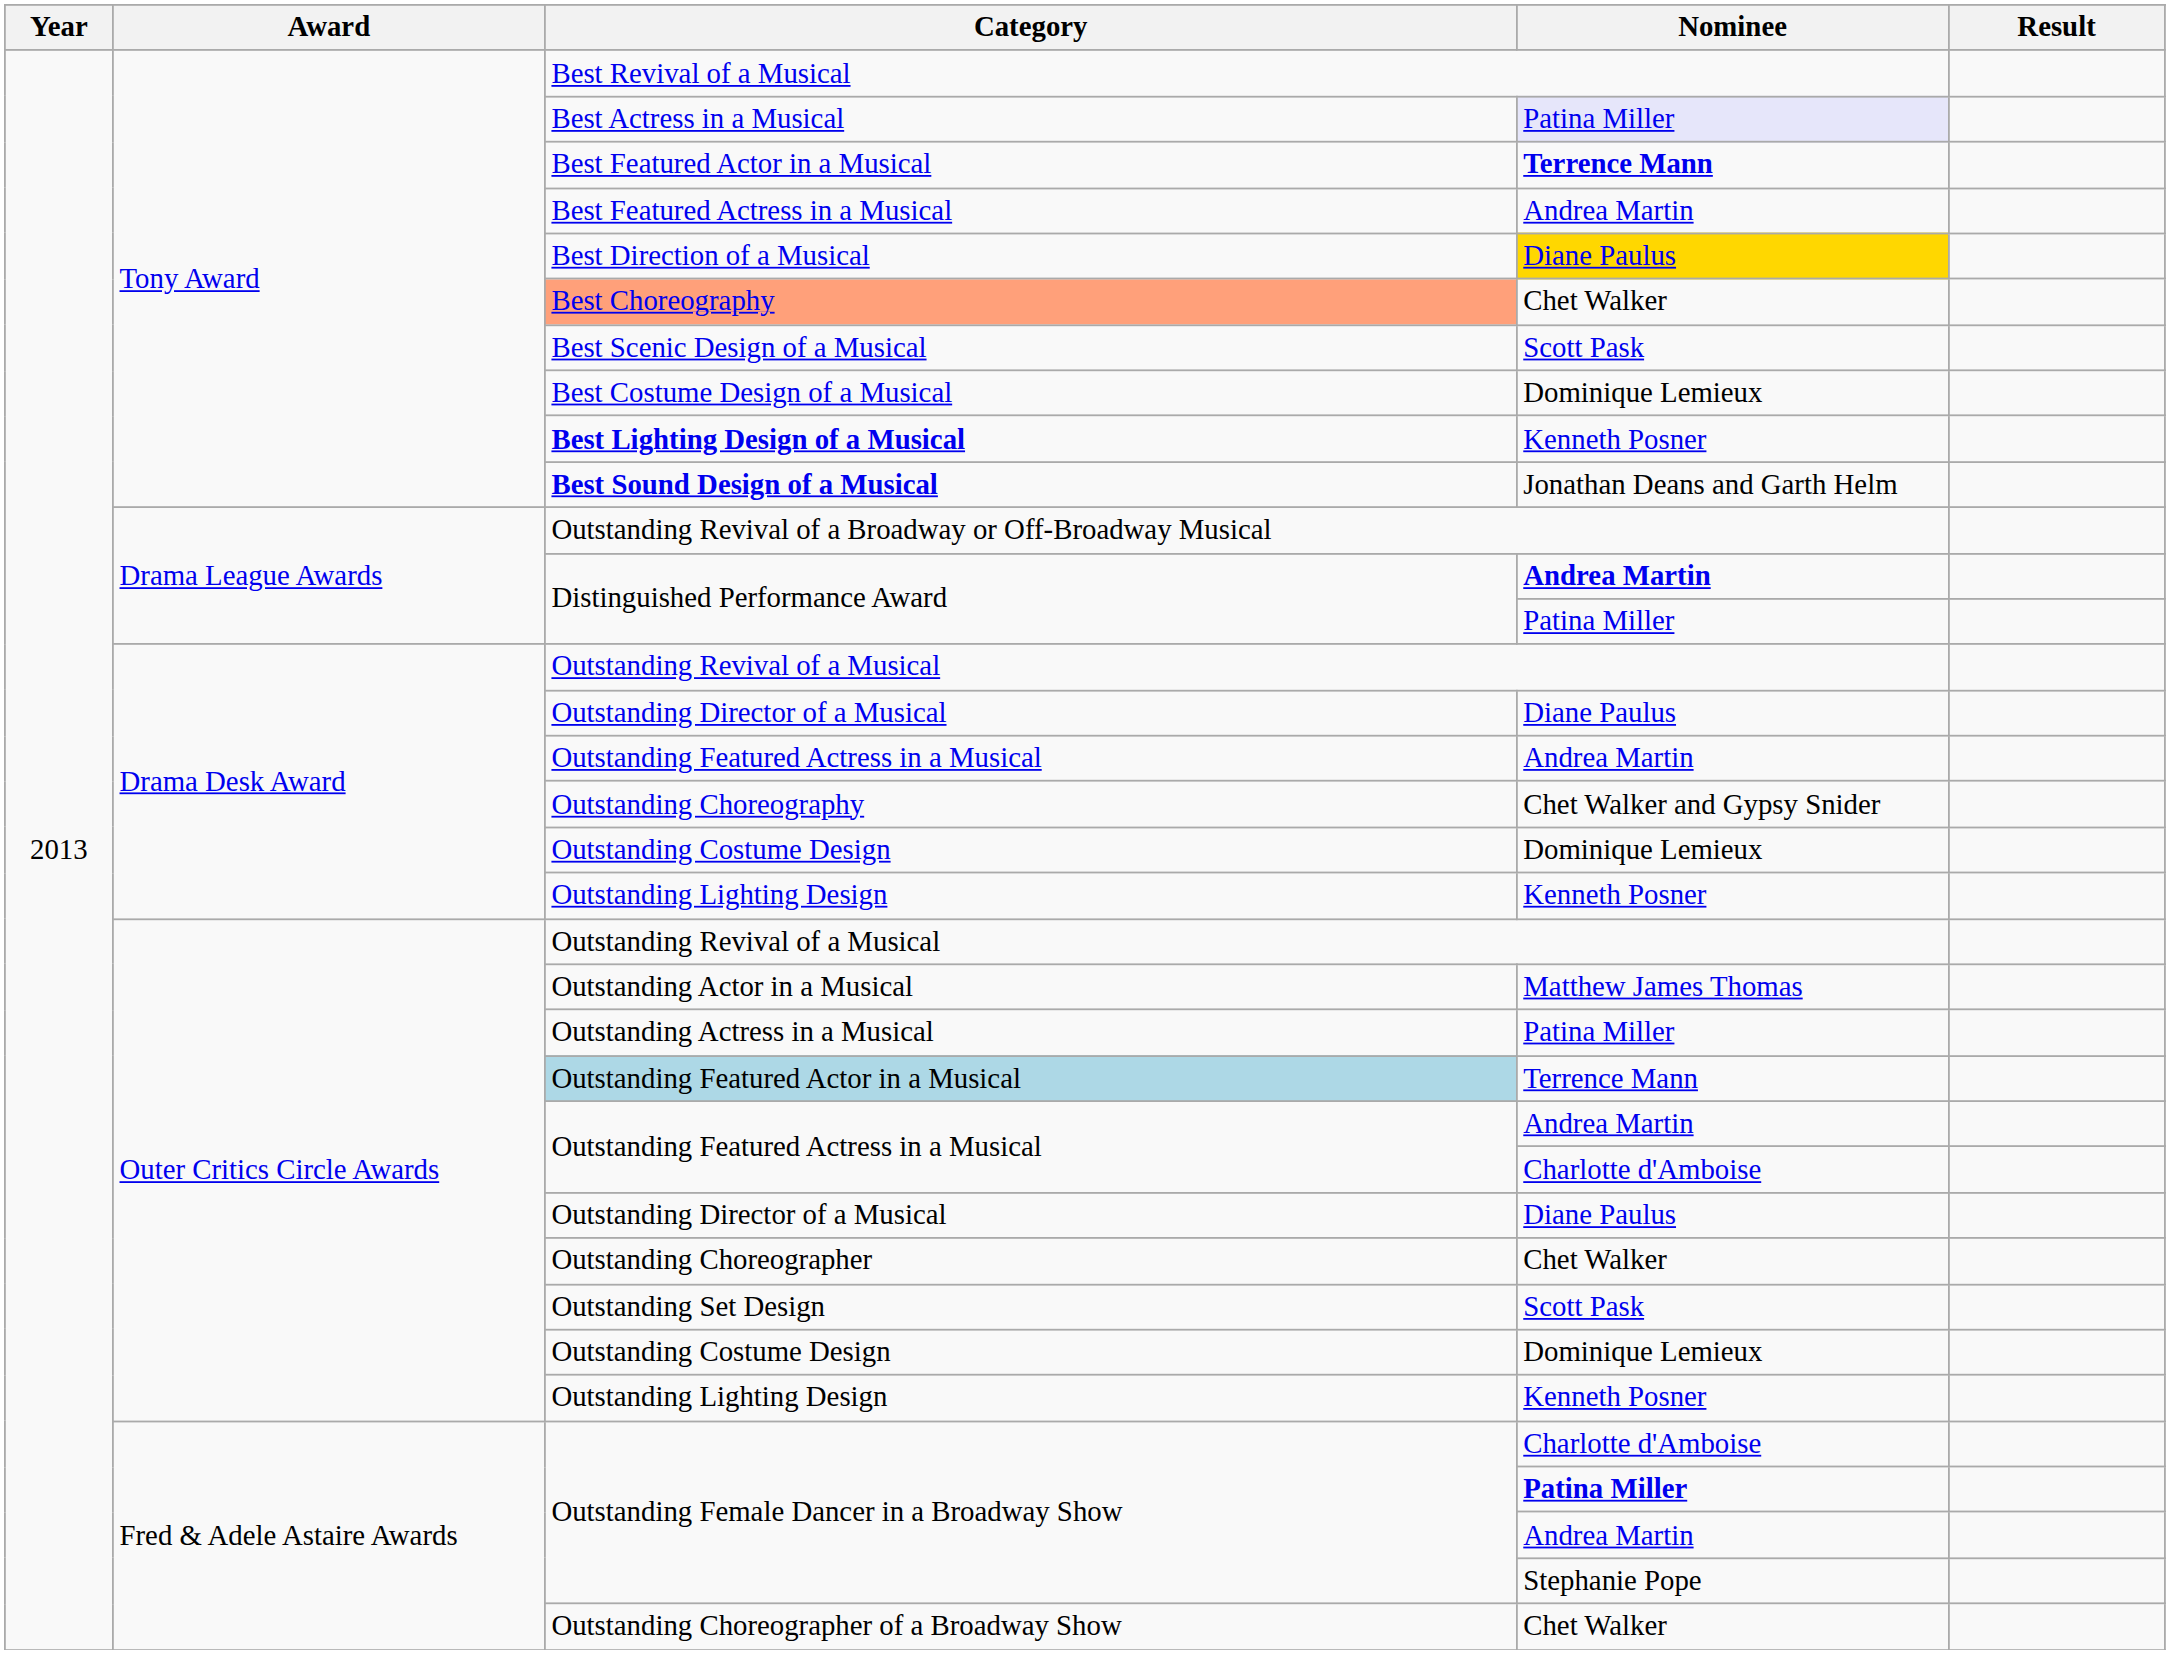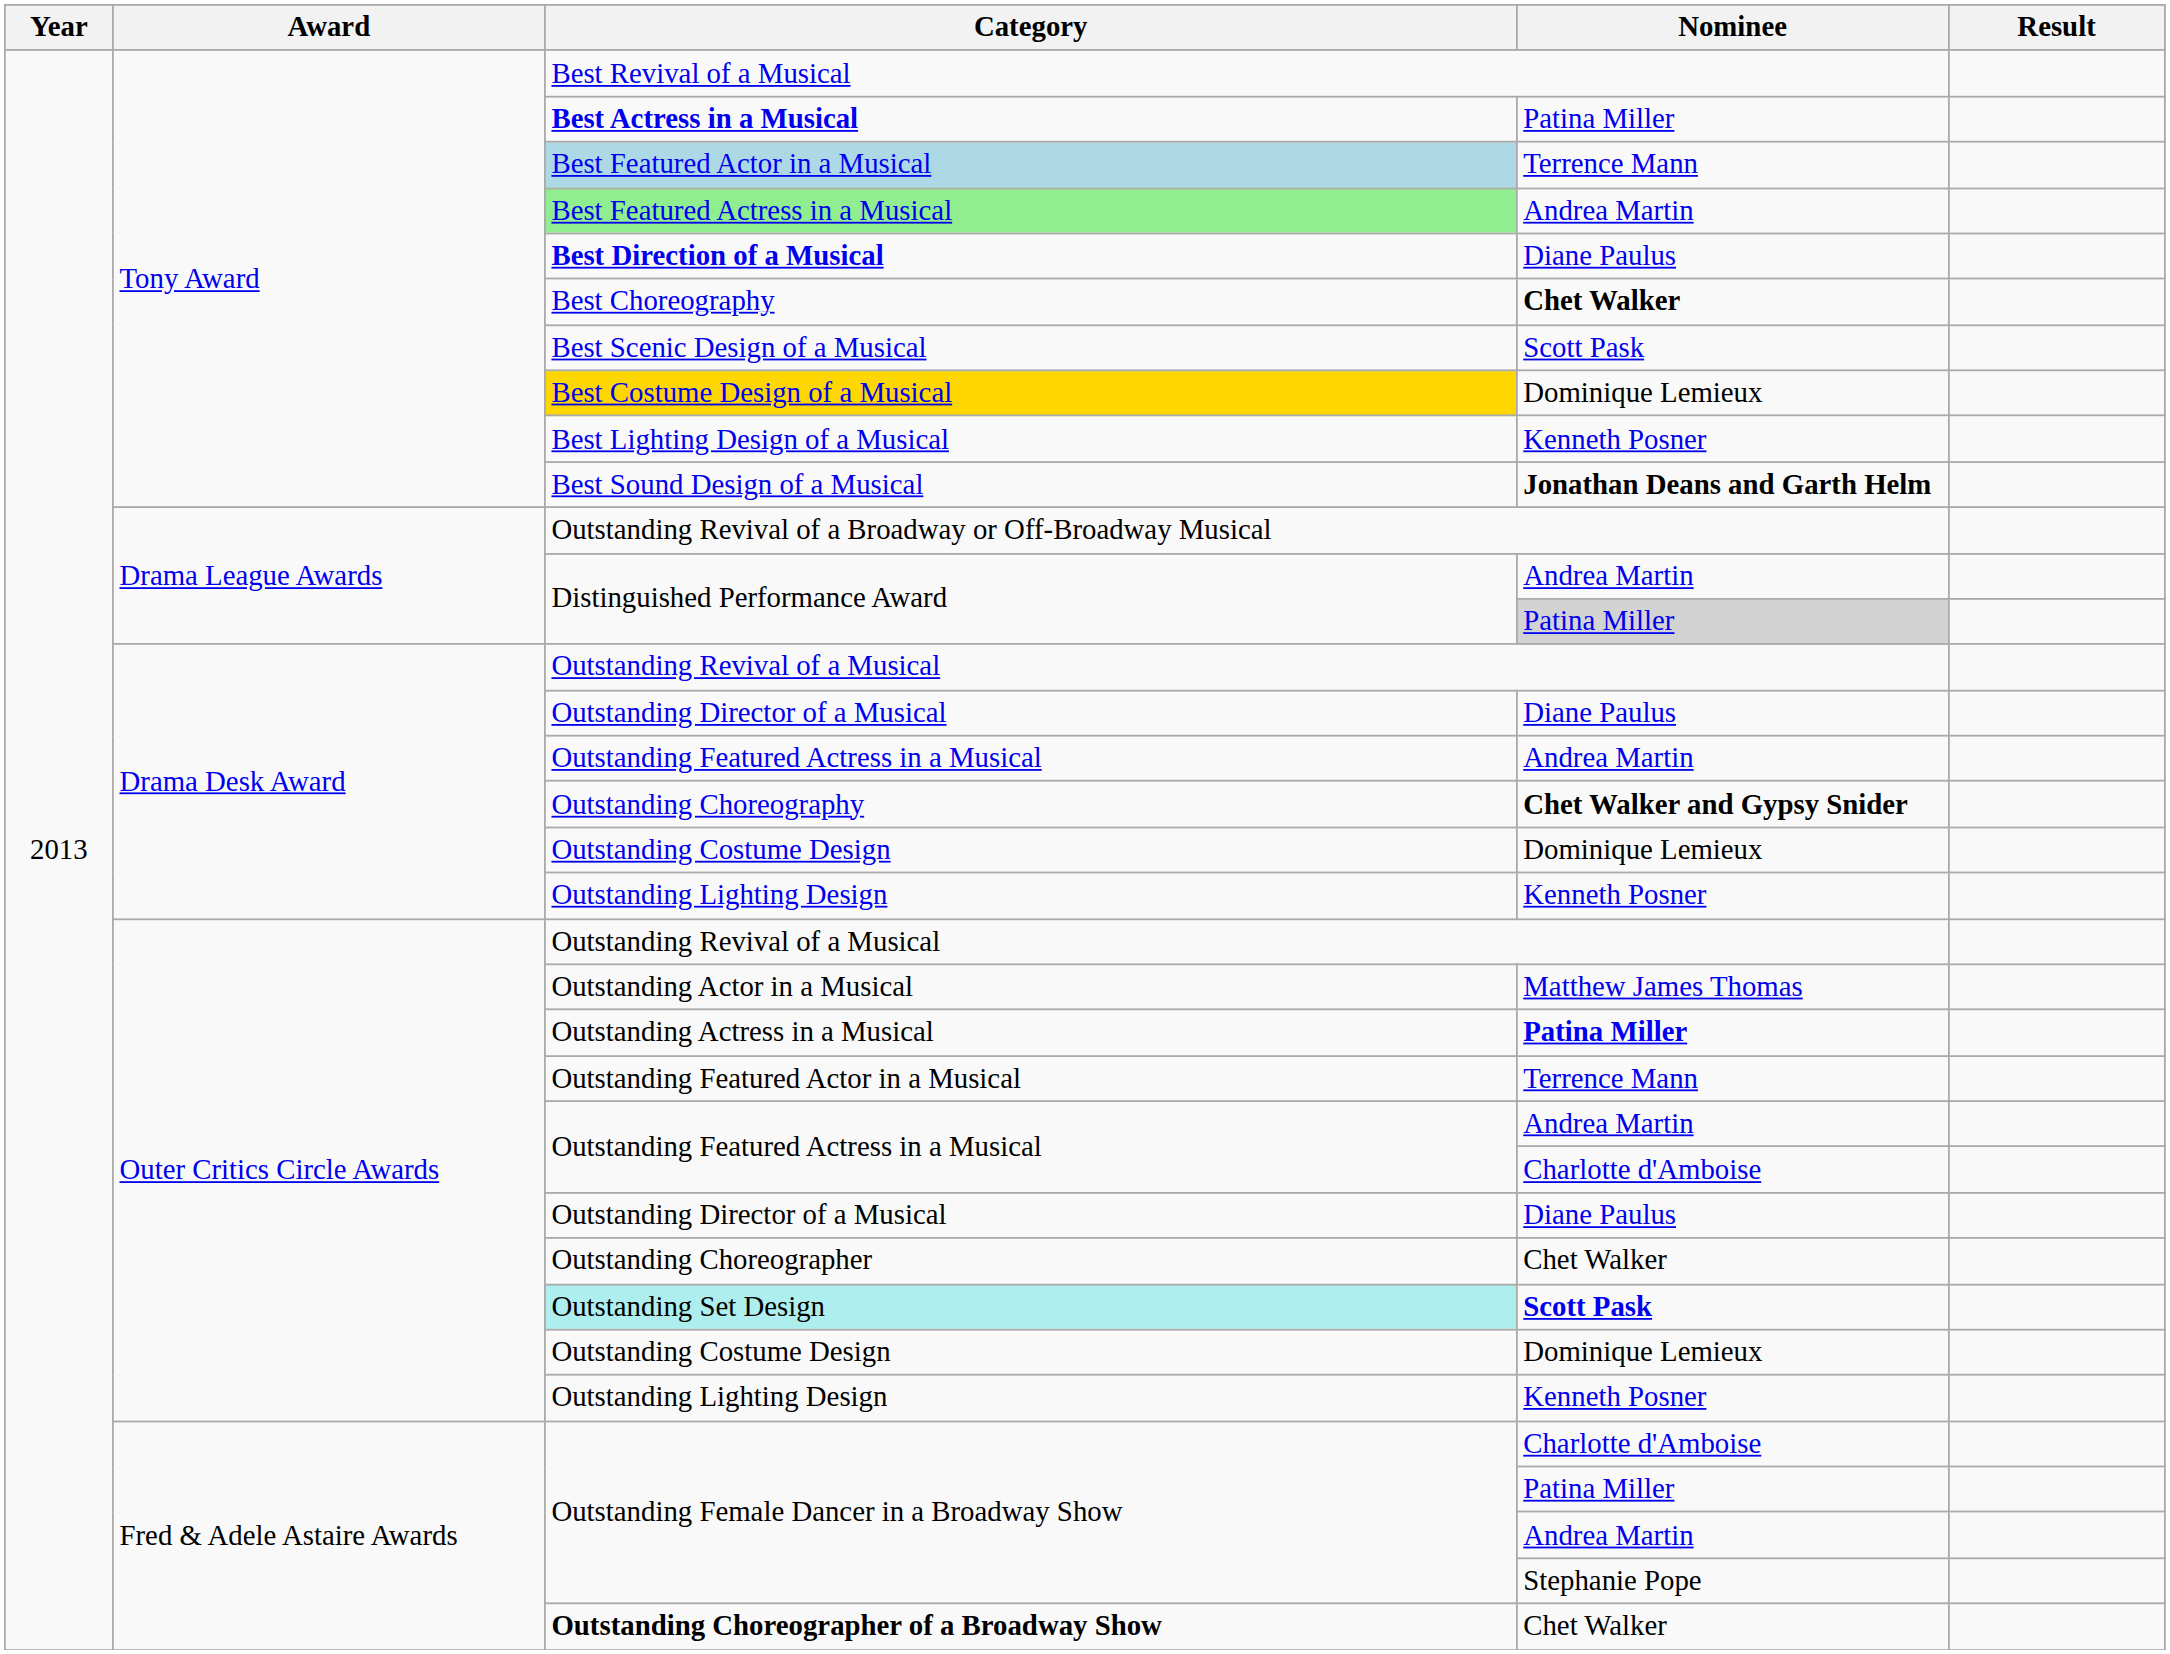 <table class="wikitable" style="width:95%;">
 <tr>
 <th style="width:5%;">Year</th>
 <th style="width:20%;">Award</th>
 <th style="width:45%;">Category</th>
 <th style="width:20%;">Nominee</th>
 <th style="width:10%;">Result</th>
 </tr>
 <tr>
 <td rowspan="36" style="text-align:center;">2013</td>
 <td rowspan=10><a href='#'>Tony Award</a></td>
 <td colspan=2><a href='#'>Best Revival of a Musical</a></td>
 <td></td>
 </tr>
 <tr>
-<td><a href='#'>Best Actress in a Musical</a></td>
-<td style="background: lavender;"><a href='#'>Patina Miller</a></td>
+<td><strong><a href='#'>Best Actress in a Musical</a></strong></td>
+<td><a href='#'>Patina Miller</a></td>
 <td></td>
 </tr>
 <tr>
-<td><a href='#'>Best Featured Actor in a Musical</a></td>
-<td><strong><a href='#'>Terrence Mann</a></strong></td>
+<td style="background: lightblue;"><a href='#'>Best Featured Actor in a Musical</a></td>
+<td><a href='#'>Terrence Mann</a></td>
 <td></td>
 </tr>
 <tr>
-<td><a href='#'>Best Featured Actress in a Musical</a></td>
+<td style="background: lightgreen;"><a href='#'>Best Featured Actress in a Musical</a></td>
 <td><a href='#'>Andrea Martin</a></td>
 <td></td>
 </tr>
 <tr>
-<td><a href='#'>Best Direction of a Musical</a></td>
-<td style="background: gold;"><a href='#'>Diane Paulus</a></td>
+<td><strong><a href='#'>Best Direction of a Musical</a></strong></td>
+<td><a href='#'>Diane Paulus</a></td>
 <td></td>
 </tr>
 <tr>
-<td style="background: lightsalmon;"><a href='#'>Best Choreography</a></td>
-<td>Chet Walker</td>
+<td><a href='#'>Best Choreography</a></td>
+<td><strong>Chet Walker</strong></td>
 <td></td>
 </tr>
 <tr>
 <td><a href='#'>Best Scenic Design of a Musical</a></td>
 <td><a href='#'>Scott Pask</a></td>
 <td></td>
 </tr>
 <tr>
-<td><a href='#'>Best Costume Design of a Musical</a></td>
+<td style="background: gold;"><a href='#'>Best Costume Design of a Musical</a></td>
 <td>Dominique Lemieux</td>
 <td></td>
 </tr>
 <tr>
-<td><strong><a href='#'>Best Lighting Design of a Musical</a></strong></td>
+<td><a href='#'>Best Lighting Design of a Musical</a></td>
 <td><a href='#'>Kenneth Posner</a></td>
 <td></td>
 </tr>
 <tr>
-<td><strong><a href='#'>Best Sound Design of a Musical</a></strong></td>
-<td>Jonathan Deans and Garth Helm</td>
+<td><a href='#'>Best Sound Design of a Musical</a></td>
+<td><strong>Jonathan Deans and Garth Helm</strong></td>
 <td></td>
 </tr>
 <tr>
 <td rowspan="3"><a href='#'>Drama League Awards</a></td>
 <td colspan="2">Outstanding Revival of a Broadway or Off-Broadway Musical</td>
 <td></td>
 </tr>
 <tr>
 <td rowspan="2">Distinguished Performance Award</td>
-<td><strong><a href='#'>Andrea Martin</a></strong></td>
+<td><a href='#'>Andrea Martin</a></td>
 <td></td>
 </tr>
 <tr>
-<td><a href='#'>Patina Miller</a></td>
+<td style="background: lightgrey;"><a href='#'>Patina Miller</a></td>
 <td></td>
 </tr>
 <tr>
 <td rowspan=6><a href='#'>Drama Desk Award</a></td>
 <td colspan=2><a href='#'>Outstanding Revival of a Musical</a></td>
 <td></td>
 </tr>
 <tr>
 <td><a href='#'>Outstanding Director of a Musical</a></td>
 <td><a href='#'>Diane Paulus</a></td>
 <td></td>
 </tr>
 <tr>
 <td><a href='#'>Outstanding Featured Actress in a Musical</a></td>
 <td><a href='#'>Andrea Martin</a></td>
 <td></td>
 </tr>
 <tr>
 <td><a href='#'>Outstanding Choreography</a></td>
-<td>Chet Walker and Gypsy Snider</td>
+<td><strong>Chet Walker and Gypsy Snider</strong></td>
 <td></td>
 </tr>
 <tr>
 <td><a href='#'>Outstanding Costume Design</a></td>
 <td>Dominique Lemieux</td>
 <td></td>
 </tr>
 <tr>
 <td><a href='#'>Outstanding Lighting Design</a></td>
 <td><a href='#'>Kenneth Posner</a></td>
 <td></td>
 </tr>
 <tr>
 <td rowspan=11><a href='#'>Outer Critics Circle Awards</a></td>
 <td colspan=2>Outstanding Revival of a Musical</td>
 <td></td>
 </tr>
 <tr>
 <td>Outstanding Actor in a Musical</td>
 <td><a href='#'>Matthew James Thomas</a></td>
 <td></td>
 </tr>
 <tr>
 <td>Outstanding Actress in a Musical</td>
-<td><a href='#'>Patina Miller</a></td>
+<td><strong><a href='#'>Patina Miller</a></strong></td>
 <td></td>
 </tr>
 <tr>
-<td style="background: lightblue;">Outstanding Featured Actor in a Musical</td>
+<td>Outstanding Featured Actor in a Musical</td>
 <td><a href='#'>Terrence Mann</a></td>
 <td></td>
 </tr>
 <tr>
 <td rowspan=2>Outstanding Featured Actress in a Musical</td>
 <td><a href='#'>Andrea Martin</a></td>
 <td></td>
 </tr>
 <tr>
 <td><a href='#'>Charlotte d'Amboise</a></td>
 <td></td>
 </tr>
 <tr>
 <td>Outstanding Director of a Musical</td>
 <td><a href='#'>Diane Paulus</a></td>
 <td></td>
 </tr>
 <tr>
 <td>Outstanding Choreographer</td>
 <td>Chet Walker</td>
 <td></td>
 </tr>
 <tr>
-<td>Outstanding Set Design</td>
-<td><a href='#'>Scott Pask</a></td>
+<td style="background: paleturquoise;">Outstanding Set Design</td>
+<td><strong><a href='#'>Scott Pask</a></strong></td>
 <td></td>
 </tr>
 <tr>
 <td>Outstanding Costume Design</td>
 <td>Dominique Lemieux</td>
 <td></td>
 </tr>
 <tr>
 <td>Outstanding Lighting Design</td>
 <td><a href='#'>Kenneth Posner</a></td>
 <td></td>
 </tr>
 <tr>
 <td rowspan="5">Fred & Adele Astaire Awards</td>
 <td rowspan="4">Outstanding Female Dancer in a Broadway Show</td>
 <td><a href='#'>Charlotte d'Amboise</a></td>
 <td></td>
 </tr>
 <tr>
-<td><strong><a href='#'>Patina Miller</a></strong></td>
+<td><a href='#'>Patina Miller</a></td>
 <td></td>
 </tr>
 <tr>
 <td><a href='#'>Andrea Martin</a></td>
 <td></td>
 </tr>
 <tr>
 <td>Stephanie Pope</td>
 <td></td>
 </tr>
 <tr>
-<td>Outstanding Choreographer of a Broadway Show</td>
+<td><strong>Outstanding Choreographer of a Broadway Show</strong></td>
 <td>Chet Walker</td>
 <td></td>
 </tr>
 </table>
